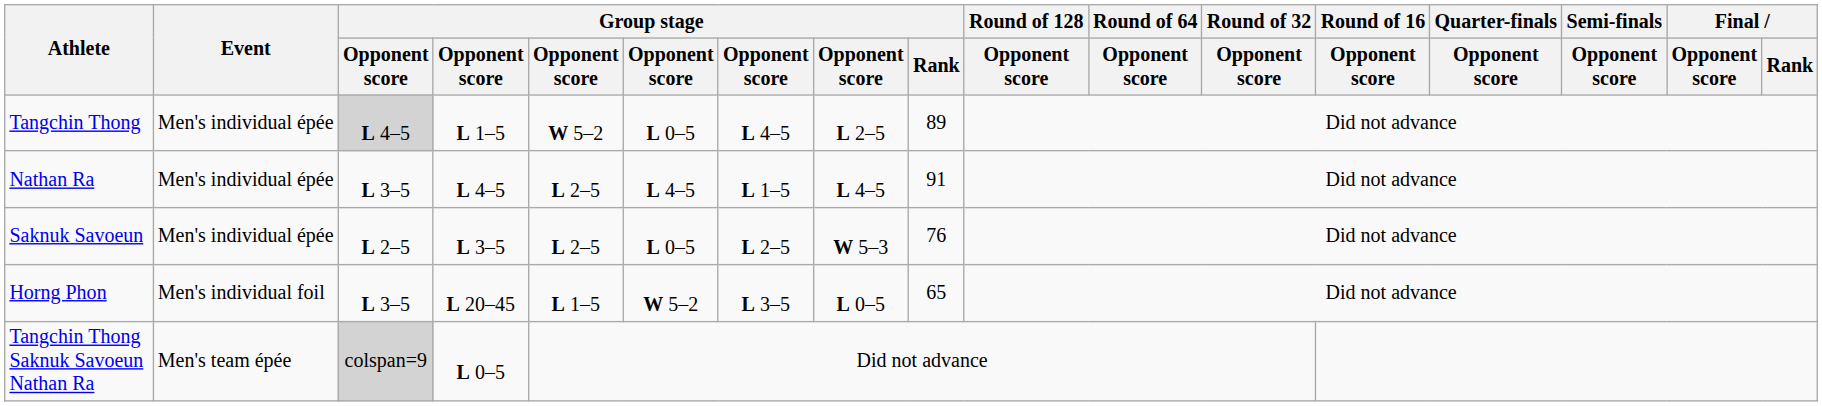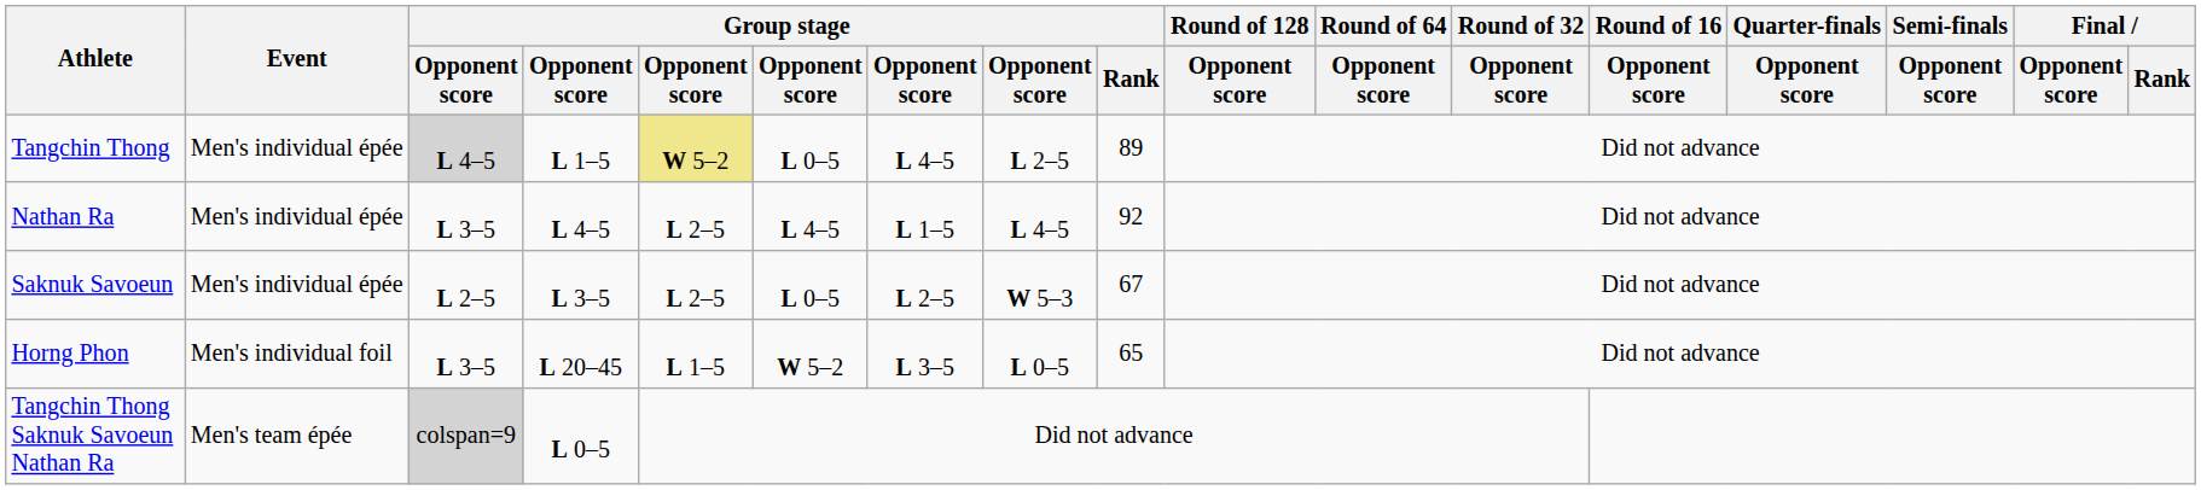 <table class="wikitable" style="font-size:90%; text-align:center">
 <tr>
 <th rowspan="2" width="100">Athlete</th>
 <th rowspan="2">Event</th>
 <th colspan="7">Group stage</th>
 <th>Round of 128</th>
 <th>Round of 64</th>
 <th>Round of 32</th>
 <th>Round of 16</th>
 <th>Quarter-finals</th>
 <th>Semi-finals</th>
 <th colspan="2">Final / </th>
 </tr>
 <tr>
 <th>Opponent<br>score</th>
 <th>Opponent<br>score</th>
 <th>Opponent<br>score</th>
 <th>Opponent<br>score</th>
 <th>Opponent<br>score</th>
 <th>Opponent<br>score</th>
 <th>Rank</th>
 <th>Opponent<br>score</th>
 <th>Opponent<br>score</th>
 <th>Opponent<br>score</th>
 <th>Opponent<br>score</th>
 <th>Opponent<br>score</th>
 <th>Opponent<br>score</th>
 <th>Opponent<br>score</th>
 <th>Rank</th>
 </tr>
 <tr>
 <td align="left"><a href='#'>Tangchin Thong</a></td>
 <td align="left">Men's individual épée</td>
 <td style="background: lightgrey;"><br><strong>L</strong> 4–5</td>
 <td><br><strong>L</strong> 1–5</td>
-<td><br><strong>W</strong> 5–2</td>
+<td style="background: khaki;"><br><strong>W</strong> 5–2</td>
 <td><br><strong>L</strong> 0–5</td>
 <td><br><strong>L</strong> 4–5</td>
 <td><br><strong>L</strong> 2–5</td>
 <td>89</td>
 <td colspan="8">Did not advance</td>
 </tr>
 <tr>
 <td align="left"><a href='#'>Nathan Ra</a></td>
 <td align="left">Men's individual épée</td>
 <td><br><strong>L</strong> 3–5</td>
 <td><br><strong>L</strong> 4–5</td>
 <td><br><strong>L</strong> 2–5</td>
 <td><br><strong>L</strong> 4–5</td>
 <td><br><strong>L</strong> 1–5</td>
 <td><br><strong>L</strong> 4–5</td>
-<td>91</td>
+<td>92</td>
 <td colspan="8">Did not advance</td>
 </tr>
 <tr>
 <td align="left"><a href='#'>Saknuk Savoeun</a></td>
 <td>Men's individual épée</td>
 <td><br><strong>L</strong> 2–5</td>
 <td><br><strong>L</strong> 3–5</td>
 <td><br><strong>L</strong> 2–5</td>
 <td><br><strong>L</strong> 0–5</td>
 <td><br><strong>L</strong> 2–5</td>
 <td><br><strong>W</strong> 5–3</td>
-<td>76</td>
+<td>67</td>
 <td colspan="8">Did not advance</td>
 </tr>
 <tr>
 <td align="left"><a href='#'>Horng Phon</a></td>
 <td align="left">Men's individual foil</td>
 <td><br><strong>L</strong> 3–5</td>
 <td><br><strong>L</strong> 20–45</td>
 <td><br><strong>L</strong> 1–5</td>
 <td><br><strong>W</strong> 5–2</td>
 <td><br><strong>L</strong> 3–5</td>
 <td><br><strong>L</strong> 0–5</td>
 <td>65</td>
 <td colspan="8">Did not advance</td>
 </tr>
 <tr>
 <td align="left"><a href='#'>Tangchin Thong</a><br> <a href='#'>Saknuk Savoeun</a><br> <a href='#'>Nathan Ra</a></td>
 <td align="left">Men's team épée</td>
 <td style="background: lightgrey;">colspan=9 </td>
 <td><br><strong>L</strong> 0–5</td>
 <td colspan="8">Did not advance</td>
 </tr>
 </table>
